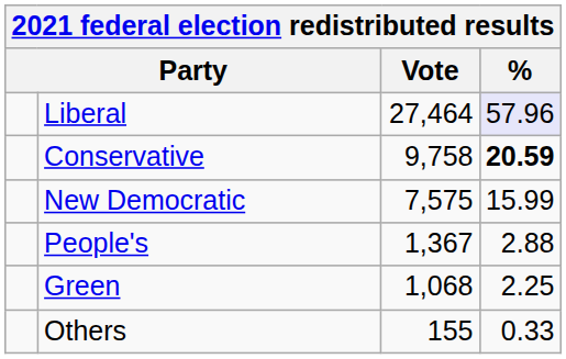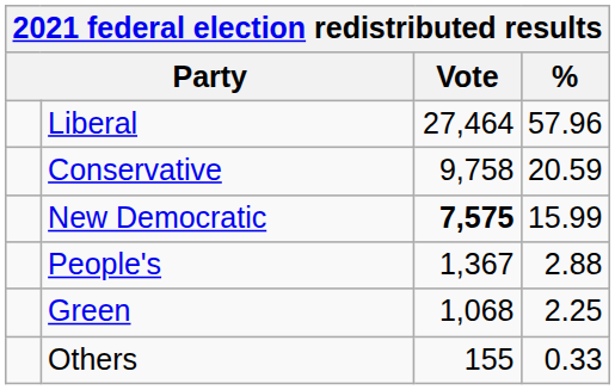 <table class="wikitable">
 <tr>
 <th colspan="4"><a href='#'>2021 federal election</a> redistributed results</th>
 </tr>
 <tr>
 <th bgcolor="#DDDDFF" width="130px" colspan="2">Party</th>
 <th bgcolor="#DDDDFF" width="50px">Vote</th>
 <th bgcolor="#DDDDFF" width="30px">%</th>
 </tr>
 <tr>
 <td> </td>
 <td><a href='#'>Liberal</a></td>
 <td align=right>27,464</td>
-<td align=right style="background: lavender;">57.96</td>
+<td align=right>57.96</td>
 </tr>
 <tr>
 <td> </td>
 <td><a href='#'>Conservative</a></td>
 <td align=right>9,758</td>
-<td align=right><strong>20.59</strong></td>
+<td align=right>20.59</td>
 </tr>
 <tr>
 <td> </td>
 <td><a href='#'>New Democratic</a></td>
-<td align=right>7,575</td>
+<td align=right><strong>7,575</strong></td>
 <td align=right>15.99</td>
 </tr>
 <tr>
 <td> </td>
 <td><a href='#'>People's</a></td>
 <td align=right>1,367</td>
 <td align=right>2.88</td>
 </tr>
 <tr>
 <td> </td>
 <td><a href='#'>Green</a></td>
 <td align=right>1,068</td>
 <td align=right>2.25</td>
 </tr>
 <tr>
 <td> </td>
 <td>Others</td>
 <td align=right>155</td>
 <td align=right>0.33</td>
 </tr>
 </table>
